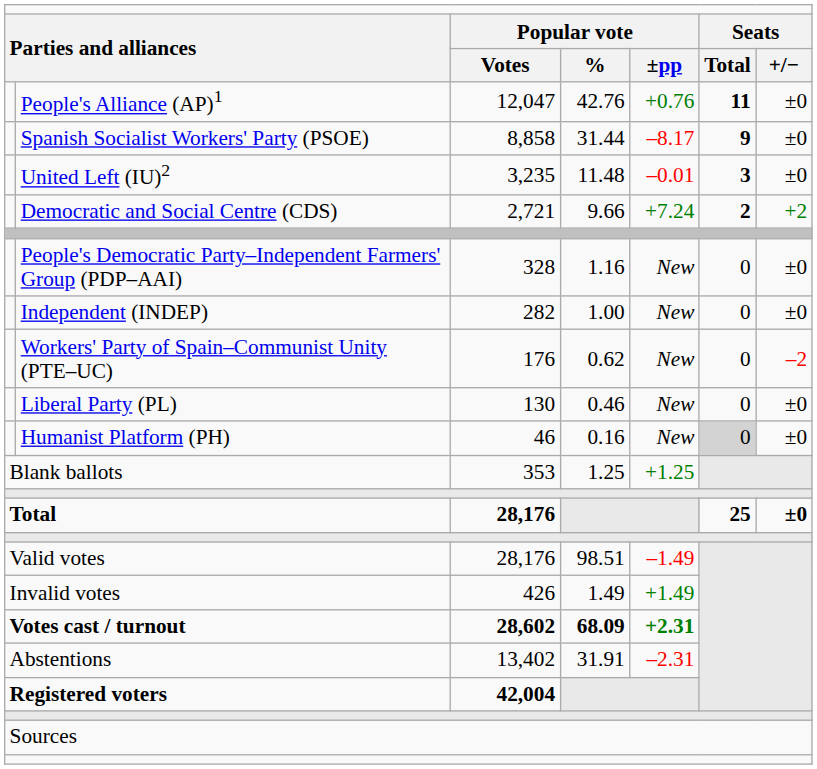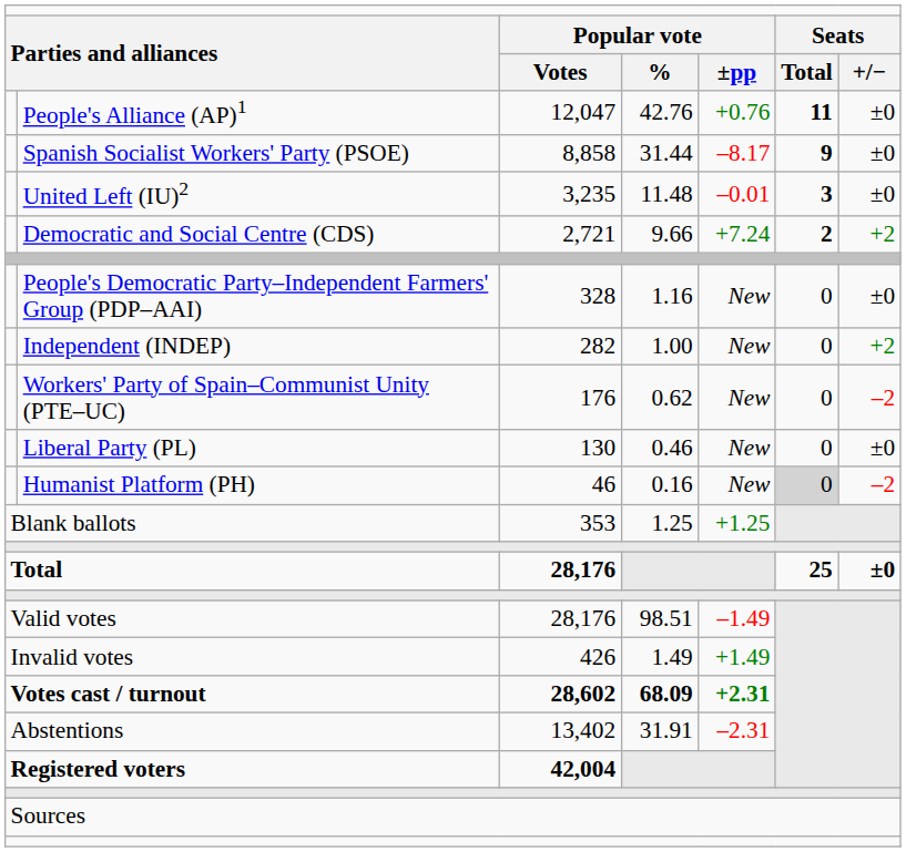 <table class="wikitable" style="text-align:right;">
 <tr>
 <td colspan="7"></td>
 </tr>
 <tr>
 <th style="text-align:left;" rowspan="2" colspan="2" width="525">Parties and alliances</th>
 <th colspan="3">Popular vote</th>
 <th colspan="2">Seats</th>
 </tr>
 <tr>
 <th width="75">Votes</th>
 <th width="45">%</th>
 <th width="45">±<a href='#'>pp</a></th>
 <th width="35">Total</th>
 <th width="35">+/−</th>
 </tr>
 <tr>
 <td width="1" style="color:inherit;background:"></td>
 <td align="left"><a href='#'>People's Alliance</a> (AP)<sup>1</sup></td>
 <td>12,047</td>
 <td>42.76</td>
 <td style="color:green;">+0.76</td>
 <td><strong>11</strong></td>
 <td>±0</td>
 </tr>
 <tr>
 <td style="color:inherit;background:"></td>
 <td align="left"><a href='#'>Spanish Socialist Workers' Party</a> (PSOE)</td>
 <td>8,858</td>
 <td>31.44</td>
 <td style="color:red;">–8.17</td>
 <td><strong>9</strong></td>
 <td>±0</td>
 </tr>
 <tr>
 <td style="color:inherit;background:"></td>
 <td align="left"><a href='#'>United Left</a> (IU)<sup>2</sup></td>
 <td>3,235</td>
 <td>11.48</td>
 <td style="color:red;">–0.01</td>
 <td><strong>3</strong></td>
 <td>±0</td>
 </tr>
 <tr>
 <td style="color:inherit;background:"></td>
 <td align="left"><a href='#'>Democratic and Social Centre</a> (CDS)</td>
 <td>2,721</td>
 <td>9.66</td>
 <td style="color:green;">+7.24</td>
 <td><strong>2</strong></td>
 <td style="color:green;">+2</td>
 </tr>
 <tr>
 <td colspan="7" bgcolor="#C0C0C0"></td>
 </tr>
 <tr>
 <td style="color:inherit;background:"></td>
 <td align="left"><a href='#'>People's Democratic Party–Independent Farmers' Group</a> (PDP–AAI)</td>
 <td>328</td>
 <td>1.16</td>
 <td><em>New</em></td>
 <td>0</td>
 <td>±0</td>
 </tr>
 <tr>
 <td style="color:inherit;background:"></td>
 <td align="left"><a href='#'>Independent</a> (INDEP)</td>
 <td>282</td>
 <td>1.00</td>
 <td><em>New</em></td>
 <td>0</td>
-<td>±0</td>
+<td style="color:green;">+2</td>
 </tr>
 <tr>
 <td style="color:inherit;background:"></td>
 <td align="left"><a href='#'>Workers' Party of Spain–Communist Unity</a> (PTE–UC)</td>
 <td>176</td>
 <td>0.62</td>
 <td><em>New</em></td>
 <td>0</td>
 <td style="color:red;">–2</td>
 </tr>
 <tr>
 <td style="color:inherit;background:"></td>
 <td align="left"><a href='#'>Liberal Party</a> (PL)</td>
 <td>130</td>
 <td>0.46</td>
 <td><em>New</em></td>
 <td>0</td>
 <td>±0</td>
 </tr>
 <tr>
 <td style="color:inherit;background:"></td>
 <td align="left"><a href='#'>Humanist Platform</a> (PH)</td>
 <td>46</td>
 <td>0.16</td>
 <td><em>New</em></td>
 <td style="background: lightgrey;">0</td>
-<td>±0</td>
+<td style="color:red;">–2</td>
 </tr>
 <tr>
 <td align="left" colspan="2">Blank ballots</td>
 <td>353</td>
 <td>1.25</td>
 <td style="color:green;">+1.25</td>
 <td bgcolor="#E9E9E9" colspan="2"></td>
 </tr>
 <tr>
 <td colspan="7" bgcolor="#E9E9E9"></td>
 </tr>
 <tr style="font-weight:bold;">
 <td align="left" colspan="2">Total</td>
 <td>28,176</td>
 <td bgcolor="#E9E9E9" colspan="2"></td>
 <td>25</td>
 <td>±0</td>
 </tr>
 <tr>
 <td colspan="7" bgcolor="#E9E9E9"></td>
 </tr>
 <tr>
 <td align="left" colspan="2">Valid votes</td>
 <td>28,176</td>
 <td>98.51</td>
 <td style="color:red;">–1.49</td>
 <td bgcolor="#E9E9E9" colspan="2" rowspan="5"></td>
 </tr>
 <tr>
 <td align="left" colspan="2">Invalid votes</td>
 <td>426</td>
 <td>1.49</td>
 <td style="color:green;">+1.49</td>
 </tr>
 <tr style="font-weight:bold;">
 <td align="left" colspan="2">Votes cast / turnout</td>
 <td>28,602</td>
 <td>68.09</td>
 <td style="color:green;">+2.31</td>
 </tr>
 <tr>
 <td align="left" colspan="2">Abstentions</td>
 <td>13,402</td>
 <td>31.91</td>
 <td style="color:red;">–2.31</td>
 </tr>
 <tr style="font-weight:bold;">
 <td align="left" colspan="2">Registered voters</td>
 <td>42,004</td>
 <td bgcolor="#E9E9E9" colspan="2"></td>
 </tr>
 <tr>
 <td colspan="7" bgcolor="#E9E9E9"></td>
 </tr>
 <tr>
 <td align="left" colspan="7">Sources</td>
 </tr>
 <tr>
 <td colspan="7" style="text-align:left; max-width:790px;"></td>
 </tr>
 </table>
